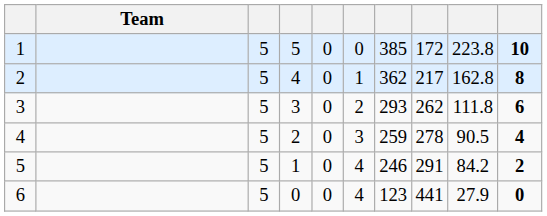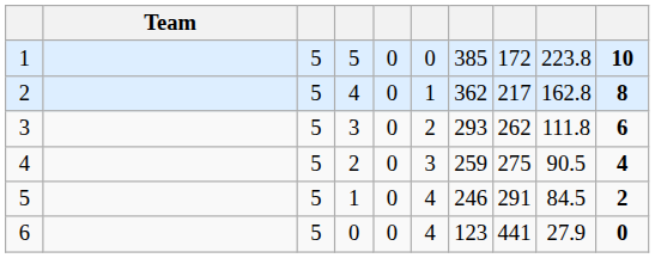 <table class=wikitable style=text-align:center>
 <tr>
 <th width=20 abbr=Position></th>
 <th width=175>Team</th>
 <th width=20 abbr=Played></th>
 <th width=20 abbr=Won></th>
 <th width=20 abbr=Drawn></th>
 <th width=20 abbr=Lost></th>
 <th width=20 abbr=Goals for></th>
 <th width=20 abbr=Goals against></th>
 <th width=20 abbr=Goal percentage></th>
 <th width=30 abbr=Points></th>
 </tr>
 <tr bgcolor=#ddeeff>
 <td>1 </td>
 <td align=left></td>
 <td>5</td>
 <td>5</td>
 <td>0</td>
 <td>0</td>
 <td>385</td>
 <td>172</td>
 <td>223.8</td>
 <td><strong>10</strong></td>
 </tr>
 <tr bgcolor=#ddeeff>
 <td>2 </td>
 <td align=left></td>
 <td>5</td>
 <td>4</td>
 <td>0</td>
 <td>1</td>
 <td>362</td>
 <td>217</td>
 <td>162.8</td>
 <td><strong>8</strong></td>
 </tr>
 <tr>
 <td>3 </td>
 <td align=left></td>
 <td>5</td>
 <td>3</td>
 <td>0</td>
 <td>2</td>
 <td>293</td>
 <td>262</td>
 <td>111.8</td>
 <td><strong>6</strong></td>
 </tr>
 <tr>
 <td>4 </td>
 <td align=left></td>
 <td>5</td>
 <td>2</td>
 <td>0</td>
 <td>3</td>
 <td>259</td>
-<td>278</td>
+<td>275</td>
 <td>90.5</td>
 <td><strong>4</strong></td>
 </tr>
 <tr>
 <td>5 </td>
 <td align=left></td>
 <td>5</td>
 <td>1</td>
 <td>0</td>
 <td>4</td>
 <td>246</td>
 <td>291</td>
-<td>84.2</td>
+<td>84.5</td>
 <td><strong>2</strong></td>
 </tr>
 <tr>
 <td>6 </td>
 <td align=left></td>
 <td>5</td>
 <td>0</td>
 <td>0</td>
 <td>4</td>
 <td>123</td>
 <td>441</td>
 <td>27.9</td>
 <td><strong>0</strong></td>
 </tr>
 </table>
